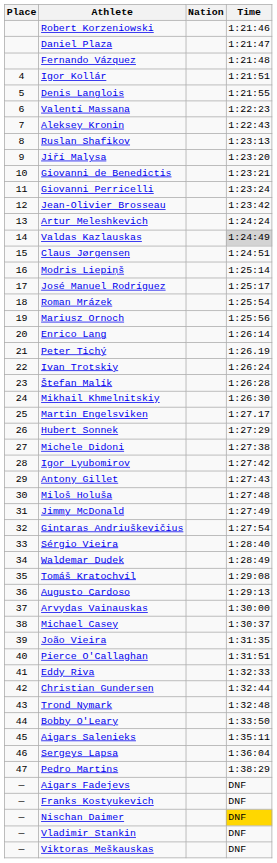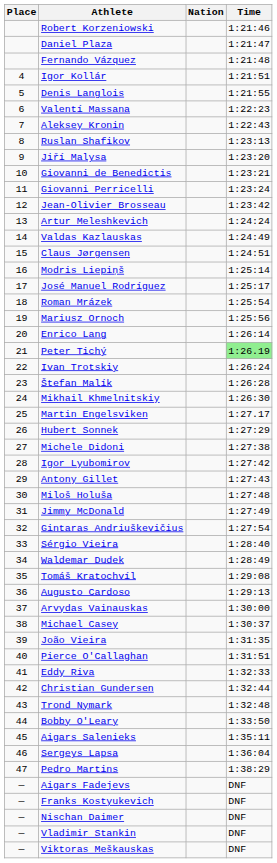 <table class="wikitable sortable">
 <tr>
 <th>Place</th>
 <th>Athlete</th>
 <th>Nation</th>
 <th>Time</th>
 </tr>
 <tr>
 <td align=center></td>
 <td><a href='#'>Robert Korzeniowski</a></td>
 <td></td>
 <td>1:21:46</td>
 </tr>
 <tr>
 <td align=center></td>
 <td><a href='#'>Daniel Plaza</a></td>
 <td></td>
 <td>1:21:47</td>
 </tr>
 <tr>
 <td align=center></td>
 <td><a href='#'>Fernando Vázquez</a></td>
 <td></td>
 <td>1:21:48</td>
 </tr>
 <tr>
 <td align=center>4</td>
 <td><a href='#'>Igor Kollár</a></td>
 <td></td>
 <td>1:21:51</td>
 </tr>
 <tr>
 <td align=center>5</td>
 <td><a href='#'>Denis Langlois</a></td>
 <td></td>
 <td>1:21:55</td>
 </tr>
 <tr>
 <td align=center>6</td>
 <td><a href='#'>Valentí Massana</a></td>
 <td></td>
 <td>1:22:23</td>
 </tr>
 <tr>
 <td align=center>7</td>
 <td><a href='#'>Aleksey Kronin</a></td>
 <td></td>
 <td>1:22:43</td>
 </tr>
 <tr>
 <td align=center>8</td>
 <td><a href='#'>Ruslan Shafikov</a></td>
 <td></td>
 <td>1:23:13</td>
 </tr>
 <tr>
 <td align=center>9</td>
 <td><a href='#'>Jiří Malysa</a></td>
 <td></td>
 <td>1:23:20</td>
 </tr>
 <tr>
 <td align=center>10</td>
 <td><a href='#'>Giovanni de Benedictis</a></td>
 <td></td>
 <td>1:23:21</td>
 </tr>
 <tr>
 <td align=center>11</td>
 <td><a href='#'>Giovanni Perricelli</a></td>
 <td></td>
 <td>1:23:24</td>
 </tr>
 <tr>
 <td align=center>12</td>
 <td><a href='#'>Jean-Olivier Brosseau</a></td>
 <td></td>
 <td>1:23:42</td>
 </tr>
 <tr>
 <td align=center>13</td>
 <td><a href='#'>Artur Meleshkevich</a></td>
 <td></td>
 <td>1:24:24</td>
 </tr>
 <tr>
 <td align=center>14</td>
 <td><a href='#'>Valdas Kazlauskas</a></td>
 <td></td>
-<td style="background: lightgrey;">1:24:49</td>
+<td>1:24:49</td>
 </tr>
 <tr>
 <td align=center>15</td>
 <td><a href='#'>Claus Jørgensen</a></td>
 <td></td>
 <td>1:24:51</td>
 </tr>
 <tr>
 <td align=center>16</td>
 <td><a href='#'>Modris Liepiņš</a></td>
 <td></td>
 <td>1:25:14</td>
 </tr>
 <tr>
 <td align=center>17</td>
 <td><a href='#'>José Manuel Rodríguez</a></td>
 <td></td>
 <td>1:25:17</td>
 </tr>
 <tr>
 <td align=center>18</td>
 <td><a href='#'>Roman Mrázek</a></td>
 <td></td>
 <td>1:25:54</td>
 </tr>
 <tr>
 <td align=center>19</td>
 <td><a href='#'>Mariusz Ornoch</a></td>
 <td></td>
 <td>1:25:56</td>
 </tr>
 <tr>
 <td align=center>20</td>
 <td><a href='#'>Enrico Lang</a></td>
 <td></td>
 <td>1:26:14</td>
 </tr>
 <tr>
 <td align=center>21</td>
 <td><a href='#'>Peter Tichý</a></td>
 <td></td>
-<td>1:26.19</td>
+<td style="background: lightgreen;">1:26.19</td>
 </tr>
 <tr>
 <td align=center>22</td>
 <td><a href='#'>Ivan Trotskiy</a></td>
 <td></td>
 <td>1:26:24</td>
 </tr>
 <tr>
 <td align=center>23</td>
 <td><a href='#'>Štefan Malík</a></td>
 <td></td>
 <td>1:26:28</td>
 </tr>
 <tr>
 <td align=center>24</td>
 <td><a href='#'>Mikhail Khmelnitskiy</a></td>
 <td></td>
 <td>1:26:30</td>
 </tr>
 <tr>
 <td align=center>25</td>
 <td><a href='#'>Martin Engelsviken</a></td>
 <td></td>
 <td>1:27.17</td>
 </tr>
 <tr>
 <td align=center>26</td>
 <td><a href='#'>Hubert Sonnek</a></td>
 <td></td>
 <td>1:27:29</td>
 </tr>
 <tr>
 <td align=center>27</td>
 <td><a href='#'>Michele Didoni</a></td>
 <td></td>
 <td>1:27:38</td>
 </tr>
 <tr>
 <td align=center>28</td>
 <td><a href='#'>Igor Lyubomirov</a></td>
 <td></td>
 <td>1:27:42</td>
 </tr>
 <tr>
 <td align=center>29</td>
 <td><a href='#'>Antony Gillet</a></td>
 <td></td>
 <td>1:27:43</td>
 </tr>
 <tr>
 <td align=center>30</td>
 <td><a href='#'>Miloš Holuša</a></td>
 <td></td>
 <td>1:27:48</td>
 </tr>
 <tr>
 <td align=center>31</td>
 <td><a href='#'>Jimmy McDonald</a></td>
 <td></td>
 <td>1:27:49</td>
 </tr>
 <tr>
 <td align=center>32</td>
 <td><a href='#'>Gintaras Andriuškevičius</a></td>
 <td></td>
 <td>1:27:54</td>
 </tr>
 <tr>
 <td align=center>33</td>
 <td><a href='#'>Sérgio Vieira</a></td>
 <td></td>
 <td>1:28:40</td>
 </tr>
 <tr>
 <td align=center>34</td>
 <td><a href='#'>Waldemar Dudek</a></td>
 <td></td>
 <td>1:28:49</td>
 </tr>
 <tr>
 <td align=center>35</td>
 <td><a href='#'>Tomáš Kratochvíl</a></td>
 <td></td>
 <td>1:29:08</td>
 </tr>
 <tr>
 <td align=center>36</td>
 <td><a href='#'>Augusto Cardoso</a></td>
 <td></td>
 <td>1:29:13</td>
 </tr>
 <tr>
 <td align=center>37</td>
 <td><a href='#'>Arvydas Vainauskas</a></td>
 <td></td>
 <td>1:30:00</td>
 </tr>
 <tr>
 <td align=center>38</td>
 <td><a href='#'>Michael Casey</a></td>
 <td></td>
 <td>1:30:37</td>
 </tr>
 <tr>
 <td align=center>39</td>
 <td><a href='#'>João Vieira</a></td>
 <td></td>
 <td>1:31:35</td>
 </tr>
 <tr>
 <td align=center>40</td>
 <td><a href='#'>Pierce O'Callaghan</a></td>
 <td></td>
 <td>1:31:51</td>
 </tr>
 <tr>
 <td align=center>41</td>
 <td><a href='#'>Eddy Riva</a></td>
 <td></td>
 <td>1:32:33</td>
 </tr>
 <tr>
 <td align=center>42</td>
 <td><a href='#'>Christian Gundersen</a></td>
 <td></td>
 <td>1:32:44</td>
 </tr>
 <tr>
 <td align=center>43</td>
 <td><a href='#'>Trond Nymark</a></td>
 <td></td>
 <td>1:32:48</td>
 </tr>
 <tr>
 <td align=center>44</td>
 <td><a href='#'>Bobby O'Leary</a></td>
 <td></td>
 <td>1:33:50</td>
 </tr>
 <tr>
 <td align=center>45</td>
 <td><a href='#'>Aigars Salenieks</a></td>
 <td></td>
 <td>1:35:11</td>
 </tr>
 <tr>
 <td align=center>46</td>
 <td><a href='#'>Sergeys Lapsa</a></td>
 <td></td>
 <td>1:36:04</td>
 </tr>
 <tr>
 <td align=center>47</td>
 <td><a href='#'>Pedro Martins</a></td>
 <td></td>
 <td>1:38:29</td>
 </tr>
 <tr>
 <td align=center>—</td>
 <td><a href='#'>Aigars Fadejevs</a></td>
 <td></td>
 <td>DNF</td>
 </tr>
 <tr>
 <td align=center>—</td>
 <td><a href='#'>Franks Kostyukevich</a></td>
 <td></td>
 <td>DNF</td>
 </tr>
 <tr>
 <td align=center>—</td>
 <td><a href='#'>Nischan Daimer</a></td>
 <td></td>
-<td style="background: gold;">DNF</td>
+<td>DNF</td>
 </tr>
 <tr>
 <td align=center>—</td>
 <td><a href='#'>Vladimir Stankin</a></td>
 <td></td>
 <td>DNF</td>
 </tr>
 <tr>
 <td align=center>—</td>
 <td><a href='#'>Viktoras Meškauskas</a></td>
 <td></td>
 <td>DNF</td>
 </tr>
 </table>
